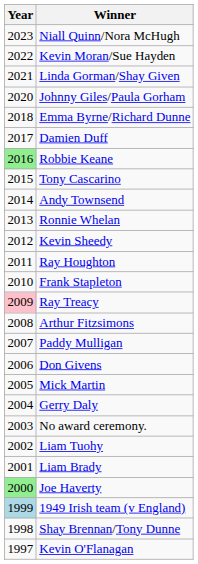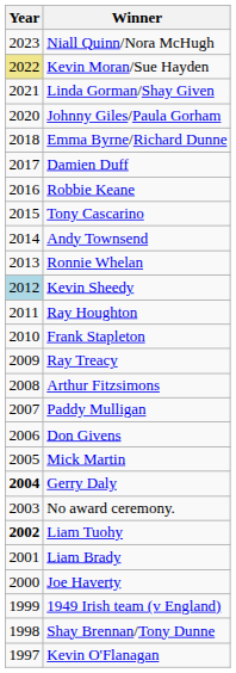 <table class="wikitable">
 <tr>
 <th>Year</th>
 <th>Winner</th>
 </tr>
 <tr>
 <td>2023</td>
 <td><a href='#'>Niall Quinn</a>/Nora McHugh</td>
 </tr>
 <tr>
-<td>2022</td>
+<td style="background: khaki;">2022</td>
 <td><a href='#'>Kevin Moran</a>/Sue Hayden</td>
 </tr>
 <tr>
 <td>2021</td>
 <td><a href='#'>Linda Gorman</a>/<a href='#'>Shay Given</a></td>
 </tr>
 <tr>
 <td>2020</td>
 <td><a href='#'>Johnny Giles</a>/<a href='#'>Paula Gorham</a></td>
 </tr>
 <tr>
 <td>2018</td>
 <td><a href='#'>Emma Byrne</a>/<a href='#'>Richard Dunne</a></td>
 </tr>
 <tr>
 <td>2017</td>
 <td><a href='#'>Damien Duff</a></td>
 </tr>
 <tr>
-<td style="background: lightgreen;">2016</td>
+<td>2016</td>
 <td><a href='#'>Robbie Keane</a></td>
 </tr>
 <tr>
 <td>2015</td>
 <td><a href='#'>Tony Cascarino</a></td>
 </tr>
 <tr>
 <td>2014</td>
 <td><a href='#'>Andy Townsend</a></td>
 </tr>
 <tr>
 <td>2013</td>
 <td><a href='#'>Ronnie Whelan</a></td>
 </tr>
 <tr>
-<td>2012</td>
+<td style="background: lightblue;">2012</td>
 <td><a href='#'>Kevin Sheedy</a></td>
 </tr>
 <tr>
 <td>2011</td>
 <td><a href='#'>Ray Houghton</a></td>
 </tr>
 <tr>
 <td>2010</td>
 <td><a href='#'>Frank Stapleton</a></td>
 </tr>
 <tr>
-<td style="background: pink;">2009</td>
+<td>2009</td>
 <td><a href='#'>Ray Treacy</a></td>
 </tr>
 <tr>
 <td>2008</td>
 <td><a href='#'>Arthur Fitzsimons</a></td>
 </tr>
 <tr>
 <td>2007</td>
 <td><a href='#'>Paddy Mulligan</a></td>
 </tr>
 <tr>
 <td>2006</td>
 <td><a href='#'>Don Givens</a></td>
 </tr>
 <tr>
 <td>2005</td>
 <td><a href='#'>Mick Martin</a></td>
 </tr>
 <tr>
-<td>2004</td>
+<td><strong>2004</strong></td>
 <td><a href='#'>Gerry Daly</a></td>
 </tr>
 <tr>
 <td>2003</td>
 <td>No award ceremony.</td>
 </tr>
 <tr>
-<td>2002</td>
+<td><strong>2002</strong></td>
 <td><a href='#'>Liam Tuohy</a></td>
 </tr>
 <tr>
 <td>2001</td>
 <td><a href='#'>Liam Brady</a></td>
 </tr>
 <tr>
-<td style="background: lightgreen;">2000</td>
+<td>2000</td>
 <td><a href='#'>Joe Haverty</a></td>
 </tr>
 <tr>
-<td style="background: lightblue;">1999</td>
+<td>1999</td>
 <td><a href='#'>1949 Irish team (v England)</a></td>
 </tr>
 <tr>
 <td>1998</td>
 <td><a href='#'>Shay Brennan</a>/<a href='#'>Tony Dunne</a></td>
 </tr>
 <tr>
 <td>1997</td>
 <td><a href='#'>Kevin O'Flanagan</a></td>
 </tr>
 </table>
